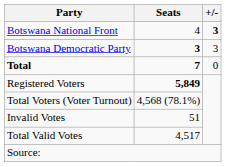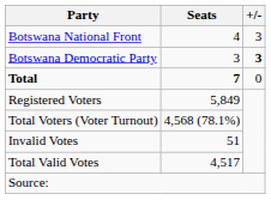 <table class=wikitable style=text-align:right>
 <tr>
 <th>Party</th>
 <th>Seats</th>
 <th>+/-</th>
 </tr>
 <tr>
 <td align=left><a href='#'>Botswana National Front</a></td>
 <td>4</td>
-<td><strong>3</strong></td>
+<td>3</td>
 </tr>
 <tr>
 <td align=left><a href='#'>Botswana Democratic Party</a></td>
+<td>3</td>
 <td><strong>3</strong></td>
-<td>3</td>
 </tr>
 <tr>
 <td align=left><strong>Total</strong></td>
 <td><strong>7</strong></td>
 <td>0</td>
 </tr>
 <tr>
 <td align=left>Registered Voters</td>
-<td><strong>5,849</strong></td>
+<td>5,849</td>
 </tr>
 <tr>
 <td align=left>Total Voters (Voter Turnout)</td>
 <td>4,568 (78.1%)</td>
 </tr>
 <tr>
 <td align=left>Invalid Votes</td>
 <td>51</td>
 </tr>
 <tr>
 <td align=left>Total Valid Votes</td>
 <td>4,517</td>
 </tr>
 <tr>
 <td colspan=4 align=left>Source: </td>
 </tr>
 </table>
